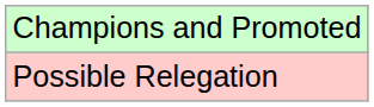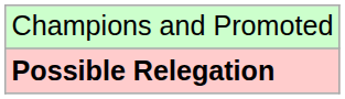 <table class="wikitable">
 <tr width=10px bgcolor="#ccffcc">
 <td>Champions and Promoted</td>
 </tr>
 <tr width=10px bgcolor="#ffcccc">
-<td>Possible Relegation</td>
+<td><strong>Possible Relegation</strong></td>
 </tr>
 </table>
